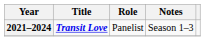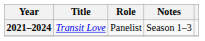 <table class="wikitable  plainrowheaders">
 <tr>
 <th scope="col">Year</th>
 <th scope="col">Title</th>
 <th scope="col">Role</th>
 <th>Notes</th>
 <th scope="col" class="unsortable"></th>
 </tr>
 <tr>
 <th scope="row">2021–2024</th>
-<td><strong><em><a href='#'>Transit Love</a></em></strong></td>
+<td><em><a href='#'>Transit Love</a></em></td>
 <td>Panelist</td>
 <td>Season 1–3</td>
 <td style="text-align:center"></td>
 </tr>
 <tr>
 </tr>
 </table>
